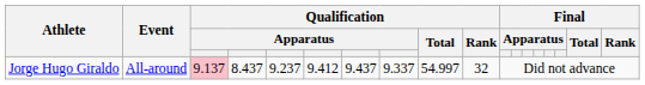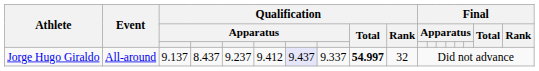 <table class="wikitable" style="font-size:90%">
 <tr>
 <th rowspan=3>Athlete</th>
 <th rowspan=3>Event</th>
 <th colspan =8>Qualification</th>
 <th colspan =8>Final</th>
 </tr>
 <tr style="font-size:95%">
 <th colspan=6>Apparatus</th>
 <th rowspan=2>Total</th>
 <th rowspan=2>Rank</th>
 <th colspan=6>Apparatus</th>
 <th rowspan=2>Total</th>
 <th rowspan=2>Rank</th>
 </tr>
 <tr style="font-size:95%">
 <th></th>
 <th></th>
 <th></th>
 <th></th>
 <th></th>
 <th></th>
 <th></th>
 <th></th>
 <th></th>
 <th></th>
 <th></th>
 <th></th>
 </tr>
 <tr align=center>
 <td align=left><a href='#'>Jorge Hugo Giraldo</a></td>
 <td align=left><a href='#'>All-around</a></td>
-<td style="background: pink;">9.137</td>
+<td>9.137</td>
 <td>8.437</td>
 <td>9.237</td>
 <td>9.412</td>
-<td>9.437</td>
+<td style="background: lavender;">9.437</td>
 <td>9.337</td>
-<td>54.997</td>
+<td><strong>54.997</strong></td>
 <td>32</td>
 <td colspan=8>Did not advance</td>
 </tr>
 </table>
